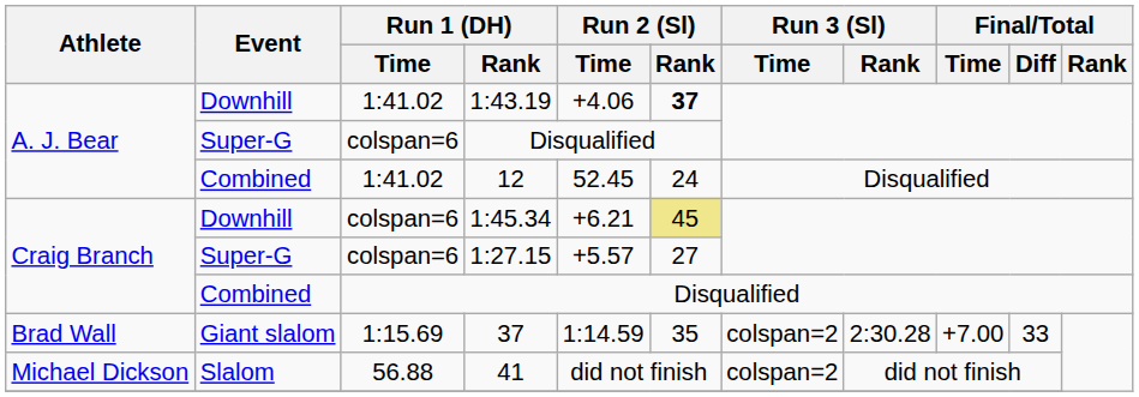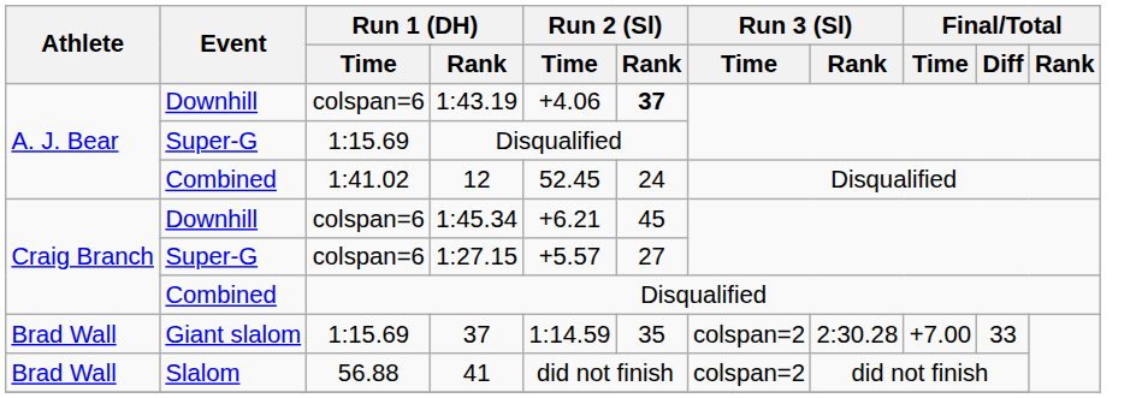 <table class="wikitable" style="font-size:90%">
 <tr>
 <th rowspan="2">Athlete</th>
 <th rowspan="2">Event</th>
 <th colspan="2">Run 1 (DH)</th>
 <th colspan="2">Run 2 (Sl)</th>
 <th colspan="2">Run 3 (Sl)</th>
 <th colspan="3">Final/Total</th>
 </tr>
 <tr>
 <th>Time</th>
 <th>Rank</th>
 <th>Time</th>
 <th>Rank</th>
 <th>Time</th>
 <th>Rank</th>
 <th>Time</th>
 <th>Diff</th>
 <th>Rank</th>
 </tr>
 <tr align="center">
 <td align="left" rowspan=3><a href='#'>A. J. Bear</a></td>
 <td align="left"><a href='#'>Downhill</a></td>
-<td>1:41.02</td>
+<td>colspan=6 </td>
 <td>1:43.19</td>
 <td>+4.06</td>
 <td><strong>37</strong></td>
 </tr>
 <tr align="center">
 <td align="left"><a href='#'>Super-G</a></td>
-<td>colspan=6 </td>
+<td>1:15.69</td>
 <td colspan=3>Disqualified</td>
 </tr>
 <tr align="center">
 <td align="left"><a href='#'>Combined</a></td>
 <td>1:41.02</td>
 <td>12</td>
 <td>52.45</td>
 <td>24</td>
 <td colspan=5>Disqualified</td>
 </tr>
 <tr align="center">
 <td align="left" rowspan=3><a href='#'>Craig Branch</a></td>
 <td align="left"><a href='#'>Downhill</a></td>
 <td>colspan=6 </td>
 <td>1:45.34</td>
 <td>+6.21</td>
-<td style="background: khaki;">45</td>
+<td>45</td>
 </tr>
 <tr align="center">
 <td align="left"><a href='#'>Super-G</a></td>
 <td>colspan=6 </td>
 <td>1:27.15</td>
 <td>+5.57</td>
 <td>27</td>
 </tr>
 <tr align="center">
 <td align="left"><a href='#'>Combined</a></td>
 <td colspan=9>Disqualified</td>
 </tr>
 <tr align="center">
 <td align="left"><a href='#'>Brad Wall</a></td>
 <td align="left"><a href='#'>Giant slalom</a></td>
 <td>1:15.69</td>
 <td>37</td>
 <td>1:14.59</td>
 <td>35</td>
 <td>colspan=2 </td>
 <td>2:30.28</td>
 <td>+7.00</td>
 <td>33</td>
 </tr>
 <tr align="center">
-<td align="left"><a href='#'>Michael Dickson</a></td>
+<td align="left"><a href='#'>Brad Wall</a></td>
 <td align="left"><a href='#'>Slalom</a></td>
 <td>56.88</td>
 <td>41</td>
 <td colspan=2>did not finish</td>
 <td>colspan=2 </td>
 <td colspan=3>did not finish</td>
 </tr>
 <tr align="center">
 </tr>
 </table>
